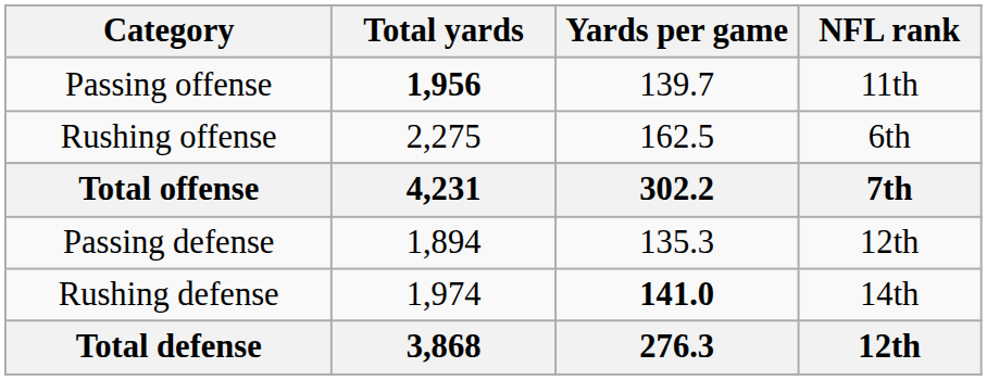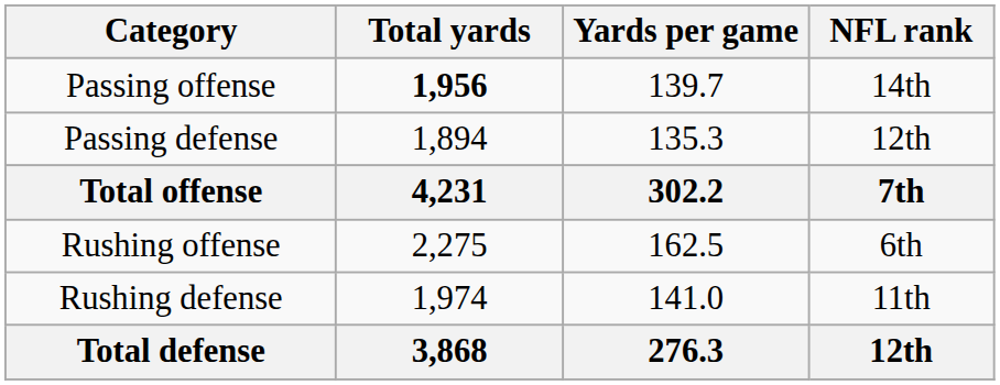 <table class="wikitable" style="text-align:center">
 <tr>
 <th width=150px>Category</th>
 <th width=100px>Total yards</th>
 <th width=110px>Yards per game</th>
 <th width=80px>NFL rank<br></th>
 </tr>
 <tr>
 <td>Passing offense</td>
 <td><strong>1,956</strong></td>
 <td>139.7</td>
-<td>11th</td>
+<td>14th</td>
+</tr>
+<tr>
+<td>Passing defense</td>
+<td>1,894</td>
+<td>135.3</td>
+<td>12th</td>
+</tr>
+<tr>
+<th>Total offense</th>
+<th>4,231</th>
+<th>302.2</th>
+<th>7th</th>
 </tr>
 <tr>
 <td>Rushing offense</td>
 <td>2,275</td>
 <td>162.5</td>
 <td>6th</td>
 </tr>
 <tr>
-<th>Total offense</th>
-<th>4,231</th>
-<th>302.2</th>
-<th>7th</th>
-</tr>
-<tr>
-<td>Passing defense</td>
-<td>1,894</td>
-<td>135.3</td>
-<td>12th</td>
-</tr>
-<tr>
 <td>Rushing defense</td>
 <td>1,974</td>
-<td><strong>141.0</strong></td>
-<td>14th</td>
+<td>141.0</td>
+<td>11th</td>
 </tr>
 <tr>
 <th>Total defense</th>
 <th>3,868</th>
 <th>276.3</th>
 <th>12th</th>
 </tr>
 </table>
